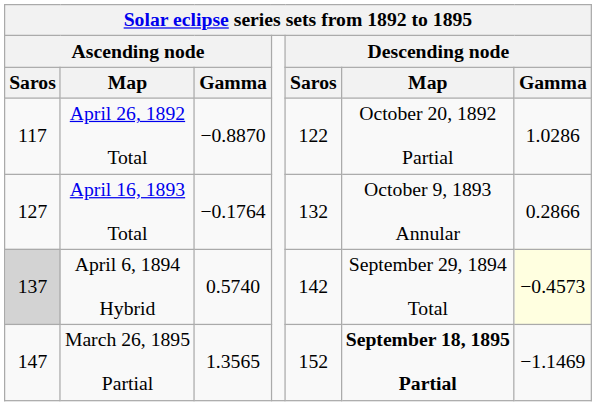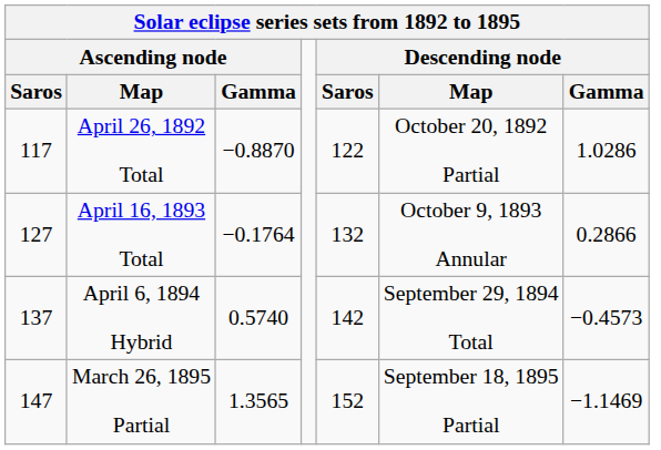 <table class="wikitable mw-collapsible mw-collapsed">
 <tr>
 <th class="nowrap" colspan="7"><a href='#'>Solar eclipse</a> series sets from 1892 to 1895</th>
 </tr>
 <tr>
 <th scope="col" colspan="3">Ascending node</th>
 <td rowspan="6"> </td>
 <th scope="col" colspan="3">Descending node</th>
 </tr>
 <tr style="text-align: center;">
 <th scope="col">Saros</th>
 <th scope="col">Map</th>
 <th scope="col">Gamma</th>
 <th scope="col">Saros</th>
 <th scope="col">Map</th>
 <th scope="col">Gamma</th>
 </tr>
 <tr style="text-align: center;">
 <td>117</td>
 <td><a href='#'>April 26, 1892</a><br><br>Total</td>
 <td>−0.8870</td>
 <td>122</td>
 <td>October 20, 1892<br><br>Partial</td>
 <td>1.0286</td>
 </tr>
 <tr style="text-align: center;">
 <td>127</td>
 <td><a href='#'>April 16, 1893</a><br><br>Total</td>
 <td>−0.1764</td>
 <td>132</td>
 <td>October 9, 1893<br><br>Annular</td>
 <td>0.2866</td>
 </tr>
 <tr style="text-align: center;">
-<td style="background: lightgrey;">137</td>
+<td>137</td>
 <td>April 6, 1894<br><br>Hybrid</td>
 <td>0.5740</td>
 <td>142</td>
 <td>September 29, 1894<br><br>Total</td>
-<td style="background: lightyellow;">−0.4573</td>
+<td>−0.4573</td>
 </tr>
 <tr style="text-align: center;">
 <td>147</td>
 <td>March 26, 1895<br><br>Partial</td>
 <td>1.3565</td>
 <td>152</td>
-<td><strong>September 18, 1895<br><br>Partial</strong></td>
+<td>September 18, 1895<br><br>Partial</td>
 <td>−1.1469</td>
 </tr>
 </table>
